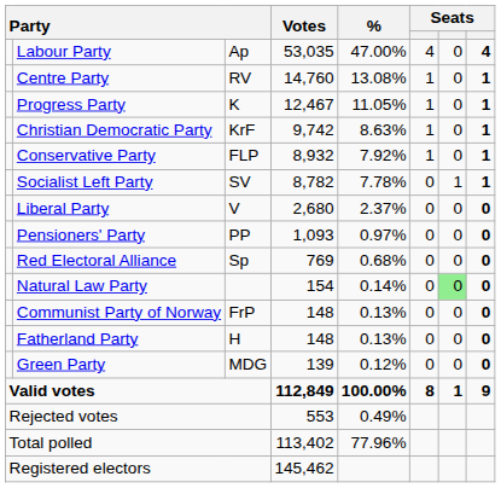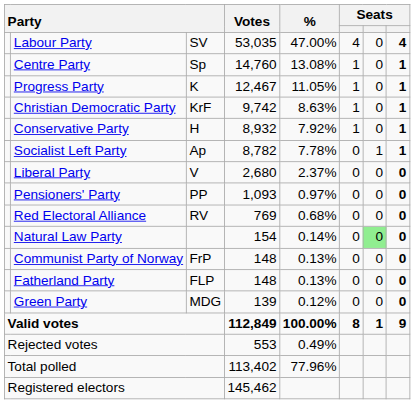 <table class="wikitable" border="1" style="text-align:right;">
 <tr>
 <th style="text-align:left;" valign=bottom rowspan=2 colspan=3>Party</th>
 <th align=center valign=bottom rowspan=2 width="50">Votes</th>
 <th align=center valign=bottom rowspan=2 width="50">%</th>
 <th colspan=3>Seats</th>
 </tr>
 <tr>
 <th align=center valign=bottom width="20"><small></small></th>
 <th align=center valign=bottom width="20"><small><a href='#'></a></small></th>
 <th align=center valign=bottom width="20"><small></small></th>
 </tr>
 <tr>
 <td style="color:inherit;background:"></td>
 <td align=left><a href='#'>Labour Party</a></td>
-<td align=left>Ap</td>
+<td align=left>SV</td>
 <td>53,035</td>
 <td>47.00%</td>
 <td>4</td>
 <td>0</td>
 <td><strong>4</strong></td>
 </tr>
 <tr>
 <td style="color:inherit;background:"></td>
 <td align=left><a href='#'>Centre Party</a></td>
-<td align=left>RV</td>
+<td align=left>Sp</td>
 <td>14,760</td>
 <td>13.08%</td>
 <td>1</td>
 <td>0</td>
 <td><strong>1</strong></td>
 </tr>
 <tr>
 <td style="color:inherit;background:"></td>
 <td align=left><a href='#'>Progress Party</a></td>
 <td align=left>K</td>
 <td>12,467</td>
 <td>11.05%</td>
 <td>1</td>
 <td>0</td>
 <td><strong>1</strong></td>
 </tr>
 <tr>
 <td style="color:inherit;background:"></td>
 <td align=left><a href='#'>Christian Democratic Party</a></td>
 <td align=left>KrF</td>
 <td>9,742</td>
 <td>8.63%</td>
 <td>1</td>
 <td>0</td>
 <td><strong>1</strong></td>
 </tr>
 <tr>
 <td style="color:inherit;background:"></td>
 <td align=left><a href='#'>Conservative Party</a></td>
-<td align=left>FLP</td>
+<td align=left>H</td>
 <td>8,932</td>
 <td>7.92%</td>
 <td>1</td>
 <td>0</td>
 <td><strong>1</strong></td>
 </tr>
 <tr>
 <td style="color:inherit;background:"></td>
 <td align=left><a href='#'>Socialist Left Party</a></td>
-<td align=left>SV</td>
+<td align=left>Ap</td>
 <td>8,782</td>
 <td>7.78%</td>
 <td>0</td>
 <td>1</td>
 <td><strong>1</strong></td>
 </tr>
 <tr>
 <td style="color:inherit;background:"></td>
 <td align=left><a href='#'>Liberal Party</a></td>
 <td align=left>V</td>
 <td>2,680</td>
 <td>2.37%</td>
 <td>0</td>
 <td>0</td>
 <td><strong>0</strong></td>
 </tr>
 <tr>
 <td style="color:inherit;background:"></td>
 <td align=left><a href='#'>Pensioners' Party</a></td>
 <td align=left>PP</td>
 <td>1,093</td>
 <td>0.97%</td>
 <td>0</td>
 <td>0</td>
 <td><strong>0</strong></td>
 </tr>
 <tr>
 <td style="color:inherit;background:"></td>
 <td align=left><a href='#'>Red Electoral Alliance</a></td>
-<td align=left>Sp</td>
+<td align=left>RV</td>
 <td>769</td>
 <td>0.68%</td>
 <td>0</td>
 <td>0</td>
 <td><strong>0</strong></td>
 </tr>
 <tr>
 <td></td>
 <td align=left><a href='#'>Natural Law Party</a></td>
 <td align=left></td>
 <td>154</td>
 <td>0.14%</td>
 <td>0</td>
 <td style="background: lightgreen;">0</td>
 <td><strong>0</strong></td>
 </tr>
 <tr>
 <td style="color:inherit;background:"></td>
 <td align=left><a href='#'>Communist Party of Norway</a></td>
 <td align=left>FrP</td>
 <td>148</td>
 <td>0.13%</td>
 <td>0</td>
 <td>0</td>
 <td><strong>0</strong></td>
 </tr>
 <tr>
 <td style="color:inherit;background:"></td>
 <td align=left><a href='#'>Fatherland Party</a></td>
-<td align=left>H</td>
+<td align=left>FLP</td>
 <td>148</td>
 <td>0.13%</td>
 <td>0</td>
 <td>0</td>
 <td><strong>0</strong></td>
 </tr>
 <tr>
 <td style="color:inherit;background:"></td>
 <td align=left><a href='#'>Green Party</a></td>
 <td align=left>MDG</td>
 <td>139</td>
 <td>0.12%</td>
 <td>0</td>
 <td>0</td>
 <td><strong>0</strong></td>
 </tr>
 <tr style="font-weight:bold">
 <td align=left colspan=3>Valid votes</td>
 <td>112,849</td>
 <td>100.00%</td>
 <td>8</td>
 <td>1</td>
 <td>9</td>
 </tr>
 <tr>
 <td align=left colspan=3>Rejected votes</td>
 <td>553</td>
 <td>0.49%</td>
 <td></td>
 <td></td>
 <td></td>
 </tr>
 <tr>
 <td align=left colspan=3>Total polled</td>
 <td>113,402</td>
 <td>77.96%</td>
 <td></td>
 <td></td>
 <td></td>
 </tr>
 <tr>
 <td align=left colspan=3>Registered electors</td>
 <td>145,462</td>
 <td></td>
 <td></td>
 <td></td>
 <td></td>
 </tr>
 </table>
